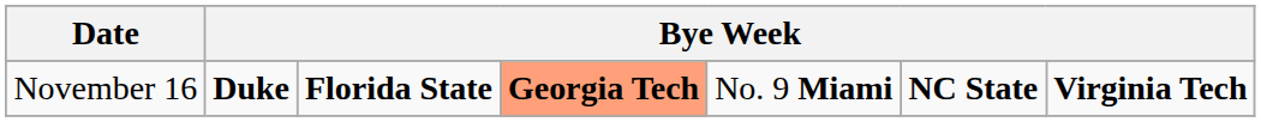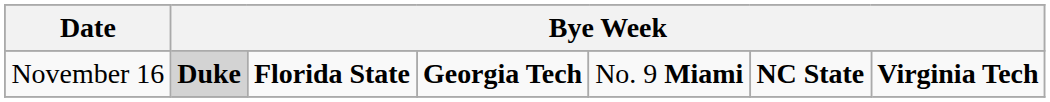 <table class="wikitable" style="font-size:95%;">
 <tr>
 <th>Date</th>
 <th colspan="6">Bye Week</th>
 </tr>
 <tr>
 <td>November 16</td>
-<td><strong>Duke</strong></td>
+<td style="background: lightgrey;"><strong>Duke</strong></td>
 <td><strong>Florida State</strong></td>
-<td style="background: lightsalmon;"><strong>Georgia Tech</strong></td>
+<td><strong>Georgia Tech</strong></td>
 <td>No. 9 <strong>Miami</strong></td>
 <td><strong>NC State</strong></td>
 <td><strong>Virginia Tech</strong></td>
 </tr>
 </table>
